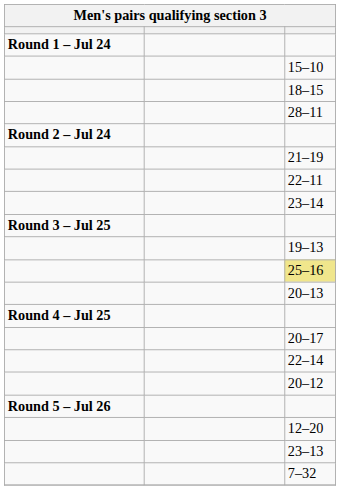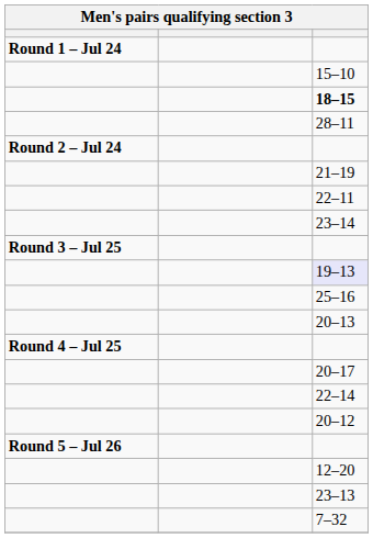 <table class="wikitable">
 <tr>
 <th colspan="3">Men's pairs qualifying section 3</th>
 </tr>
 <tr>
 <th width=150></th>
 <th width=150></th>
 <th width=50></th>
 </tr>
 <tr>
 <td><strong>Round 1 – Jul 24</strong></td>
 <td></td>
 <td></td>
 </tr>
 <tr>
 <td></td>
 <td></td>
 <td>15–10</td>
 </tr>
 <tr>
 <td></td>
 <td></td>
-<td>18–15</td>
+<td><strong>18–15</strong></td>
 </tr>
 <tr>
 <td></td>
 <td></td>
 <td>28–11</td>
 </tr>
 <tr>
 <td><strong>Round 2 – Jul 24</strong></td>
 <td></td>
 <td></td>
 </tr>
 <tr>
 <td></td>
 <td></td>
 <td>21–19</td>
 </tr>
 <tr>
 <td></td>
 <td></td>
 <td>22–11</td>
 </tr>
 <tr>
 <td></td>
 <td></td>
 <td>23–14</td>
 </tr>
 <tr>
 <td><strong>Round 3 – Jul 25</strong></td>
 <td></td>
 <td></td>
 </tr>
 <tr>
 <td></td>
 <td></td>
-<td>19–13</td>
+<td style="background: lavender;">19–13</td>
 </tr>
 <tr>
 <td></td>
 <td></td>
-<td style="background: khaki;">25–16</td>
+<td>25–16</td>
 </tr>
 <tr>
 <td></td>
 <td></td>
 <td>20–13</td>
 </tr>
 <tr>
 <td><strong>Round 4 – Jul 25</strong></td>
 <td></td>
 <td></td>
 </tr>
 <tr>
 <td></td>
 <td></td>
 <td>20–17</td>
 </tr>
 <tr>
 <td></td>
 <td></td>
 <td>22–14</td>
 </tr>
 <tr>
 <td></td>
 <td></td>
 <td>20–12</td>
 </tr>
 <tr>
 <td><strong>Round 5 – Jul 26</strong></td>
 <td></td>
 <td></td>
 </tr>
 <tr>
 <td></td>
 <td></td>
 <td>12–20</td>
 </tr>
 <tr>
 <td></td>
 <td></td>
 <td>23–13</td>
 </tr>
 <tr>
 <td></td>
 <td></td>
 <td>7–32</td>
 </tr>
 <tr>
 </tr>
 </table>
